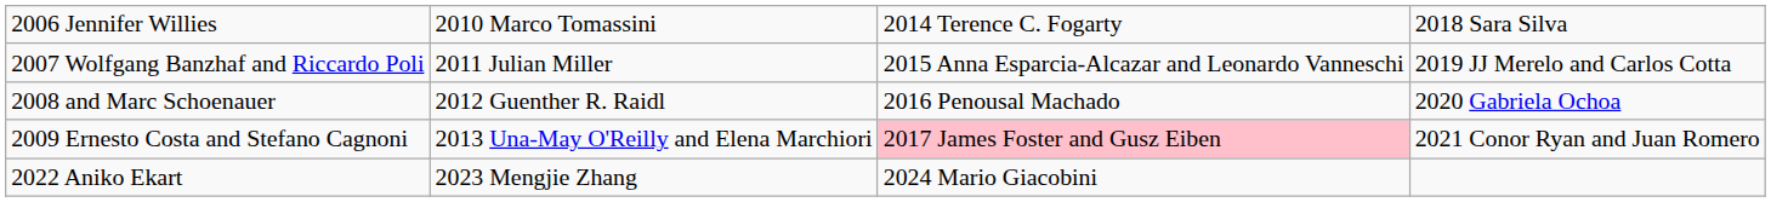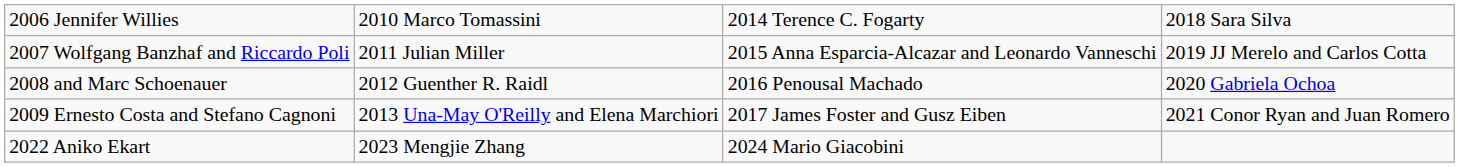 <table class="wikitable">
 <tr>
 <td>2006 Jennifer Willies</td>
 <td>2010 Marco Tomassini</td>
 <td>2014 Terence C. Fogarty</td>
 <td>2018 Sara Silva</td>
 </tr>
 <tr>
 <td>2007 Wolfgang Banzhaf and <a href='#'>Riccardo Poli</a></td>
 <td>2011 Julian Miller</td>
 <td>2015 Anna Esparcia-Alcazar and Leonardo Vanneschi</td>
 <td>2019 JJ Merelo and Carlos Cotta</td>
 </tr>
 <tr>
 <td>2008  and Marc Schoenauer</td>
 <td>2012 Guenther R. Raidl</td>
 <td>2016 Penousal Machado</td>
 <td>2020 <a href='#'>Gabriela Ochoa</a></td>
 </tr>
 <tr>
 <td>2009 Ernesto Costa and Stefano Cagnoni</td>
 <td>2013 <a href='#'>Una-May O'Reilly</a> and Elena Marchiori</td>
-<td style="background: pink;">2017 James Foster and Gusz Eiben</td>
+<td>2017 James Foster and Gusz Eiben</td>
 <td>2021 Conor Ryan and Juan Romero</td>
 </tr>
 <tr>
 <td>2022 Aniko Ekart</td>
 <td>2023 Mengjie Zhang</td>
 <td>2024 Mario Giacobini</td>
 </tr>
 </table>
